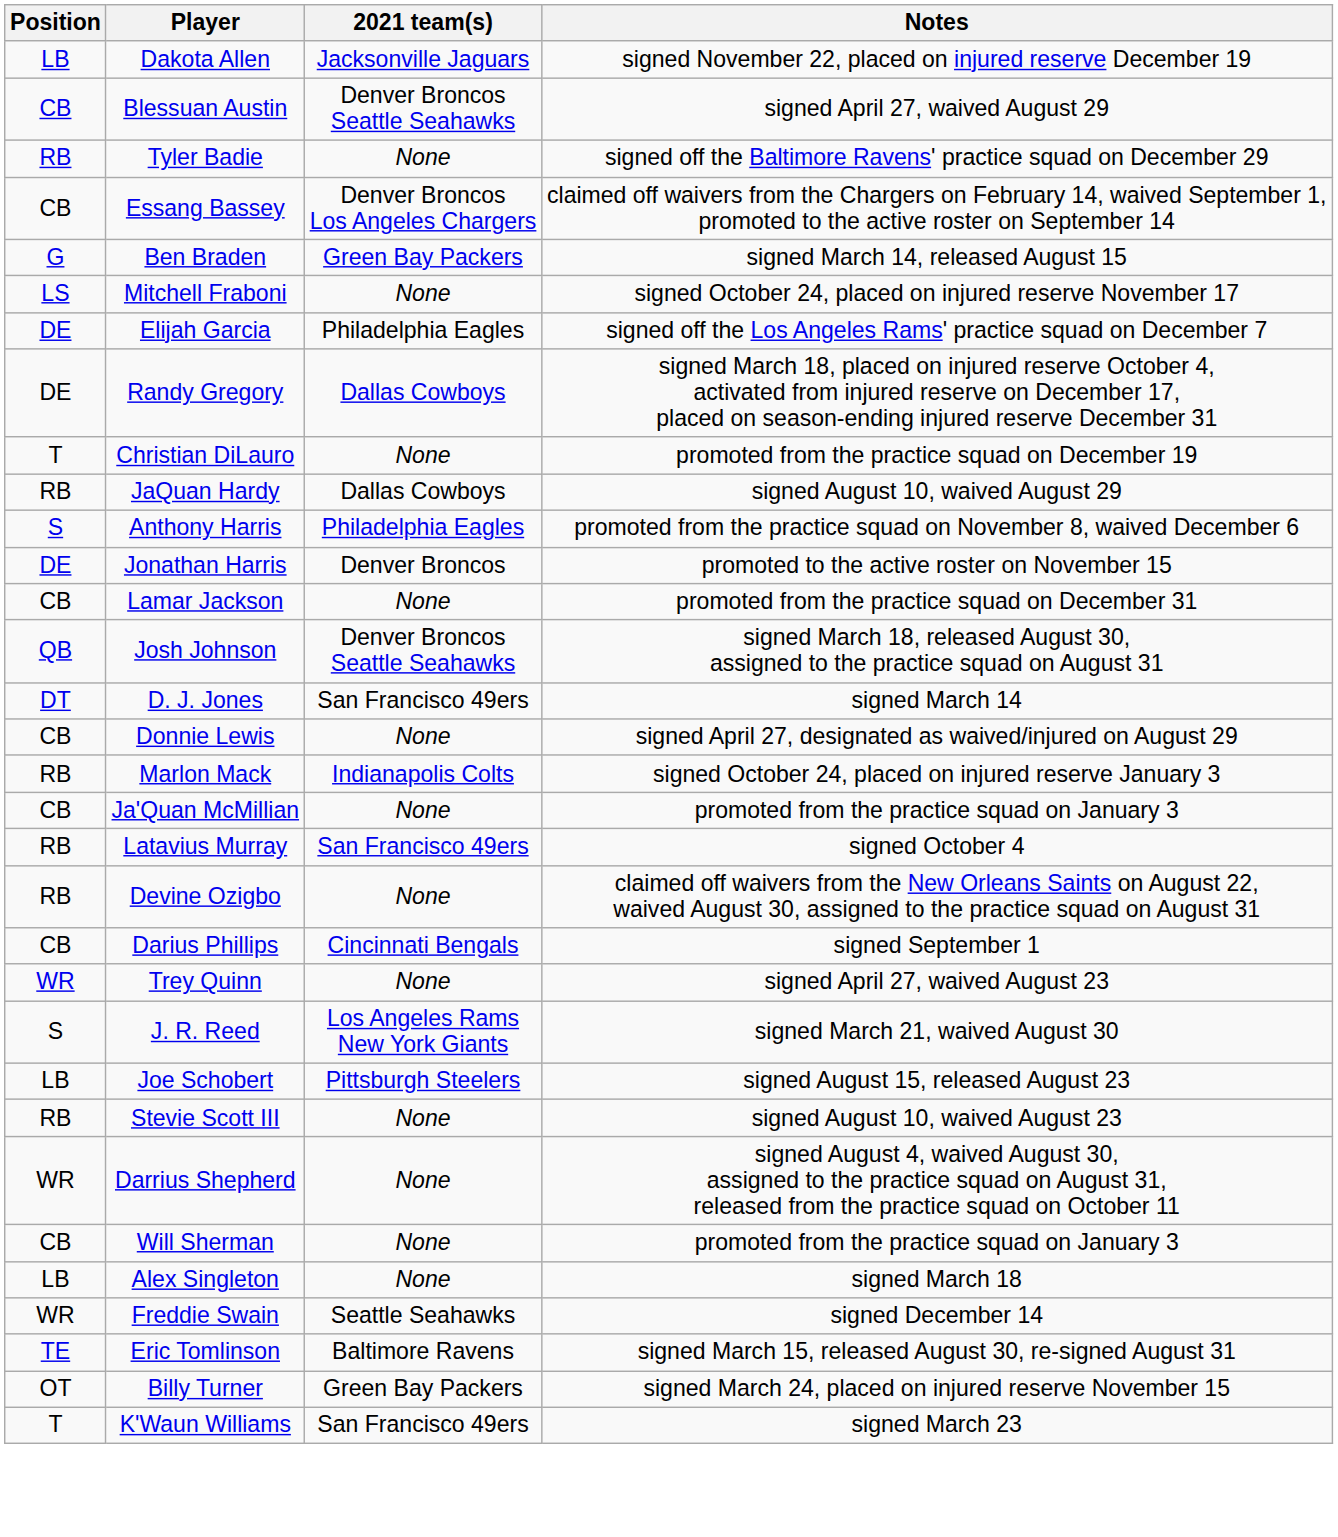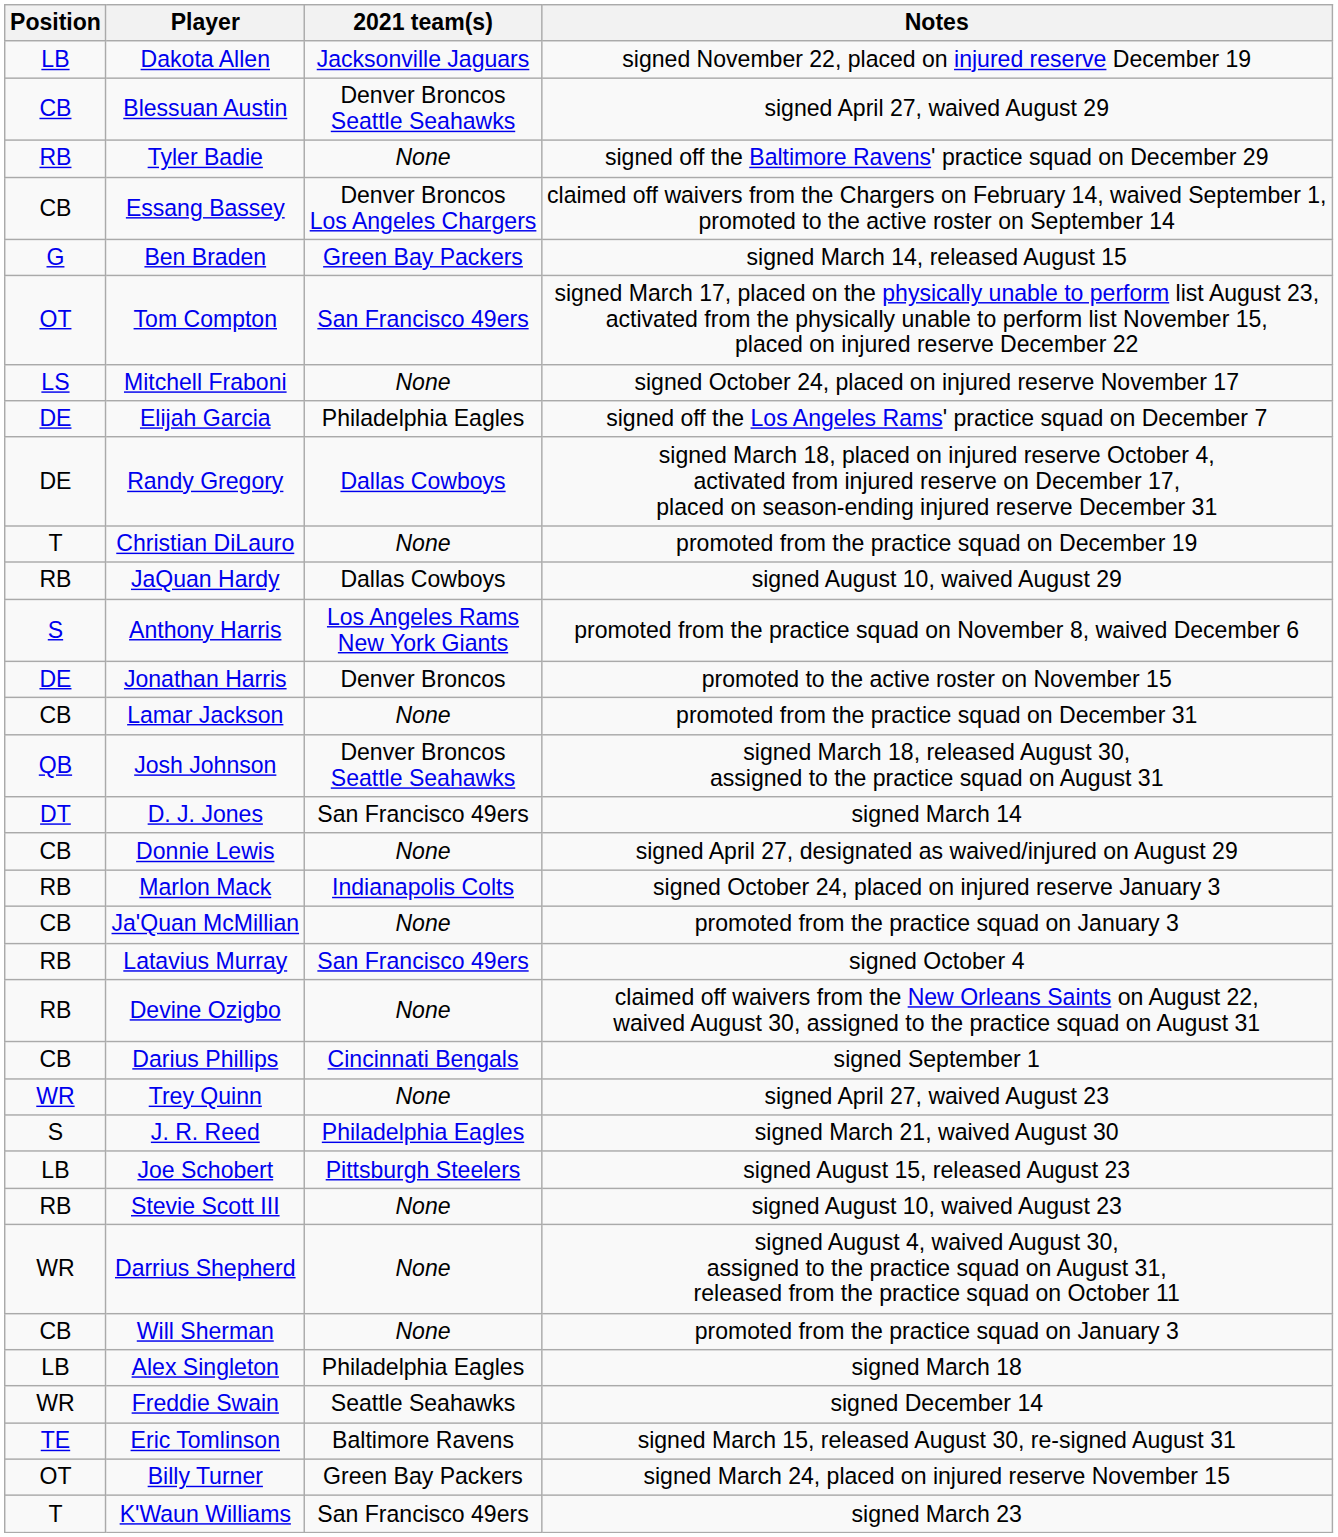 <table class="wikitable" style="text-align:center">
 <tr>
 <th>Position</th>
 <th>Player</th>
 <th>2021 team(s)</th>
 <th>Notes</th>
 </tr>
 <tr>
 <td><a href='#'>LB</a></td>
 <td><a href='#'>Dakota Allen</a></td>
 <td><a href='#'>Jacksonville Jaguars</a></td>
 <td>signed November 22, placed on <a href='#'>injured reserve</a> December 19</td>
 </tr>
 <tr>
 <td><a href='#'>CB</a></td>
 <td><a href='#'>Blessuan Austin</a></td>
 <td>Denver Broncos<br><a href='#'>Seattle Seahawks</a></td>
 <td>signed April 27, waived August 29</td>
 </tr>
 <tr>
 <td><a href='#'>RB</a></td>
 <td><a href='#'>Tyler Badie</a></td>
 <td><em>None</em></td>
 <td>signed off the <a href='#'>Baltimore Ravens</a>' practice squad on December 29</td>
 </tr>
 <tr>
 <td>CB</td>
 <td><a href='#'>Essang Bassey</a></td>
 <td>Denver Broncos<br><a href='#'>Los Angeles Chargers</a></td>
 <td>claimed off waivers from the Chargers on February 14, waived September 1,<br>promoted to the active roster on September 14</td>
 </tr>
 <tr>
 <td><a href='#'>G</a></td>
 <td><a href='#'>Ben Braden</a></td>
 <td><a href='#'>Green Bay Packers</a></td>
 <td>signed March 14, released August 15</td>
 </tr>
 <tr>
+<td><a href='#'>OT</a></td>
+<td><a href='#'>Tom Compton</a></td>
+<td><a href='#'>San Francisco 49ers</a></td>
+<td>signed March 17, placed on the <a href='#'>physically unable to perform</a> list August 23,<br>activated from the physically unable to perform list November 15,<br>placed on injured reserve December 22</td>
+</tr>
+<tr>
 <td><a href='#'>LS</a></td>
 <td><a href='#'>Mitchell Fraboni</a></td>
 <td><em>None</em></td>
 <td>signed October 24, placed on injured reserve November 17</td>
 </tr>
 <tr>
 <td><a href='#'>DE</a></td>
 <td><a href='#'>Elijah Garcia</a></td>
 <td>Philadelphia Eagles</td>
 <td>signed off the <a href='#'>Los Angeles Rams</a>' practice squad on December 7</td>
 </tr>
 <tr>
 <td>DE</td>
 <td><a href='#'>Randy Gregory</a></td>
 <td><a href='#'>Dallas Cowboys</a></td>
 <td>signed March 18, placed on injured reserve October 4,<br>activated from injured reserve on December 17,<br>placed on season-ending injured reserve December 31</td>
 </tr>
 <tr>
 <td>T</td>
 <td><a href='#'>Christian DiLauro</a></td>
 <td><em>None</em></td>
 <td>promoted from the practice squad on December 19</td>
 </tr>
 <tr>
 <td>RB</td>
 <td><a href='#'>JaQuan Hardy</a></td>
 <td>Dallas Cowboys</td>
 <td>signed August 10, waived August 29</td>
 </tr>
 <tr>
 <td><a href='#'>S</a></td>
 <td><a href='#'>Anthony Harris</a></td>
-<td><a href='#'>Philadelphia Eagles</a></td>
+<td><a href='#'>Los Angeles Rams</a><br><a href='#'>New York Giants</a></td>
 <td>promoted from the practice squad on November 8, waived December 6</td>
 </tr>
 <tr>
 <td><a href='#'>DE</a></td>
 <td><a href='#'>Jonathan Harris</a></td>
 <td>Denver Broncos</td>
 <td>promoted to the active roster on November 15</td>
 </tr>
 <tr>
 <td>CB</td>
 <td><a href='#'>Lamar Jackson</a></td>
 <td><em>None</em></td>
 <td>promoted from the practice squad on December 31</td>
 </tr>
 <tr>
 <td><a href='#'>QB</a></td>
 <td><a href='#'>Josh Johnson</a></td>
 <td>Denver Broncos<br><a href='#'>Seattle Seahawks</a></td>
 <td>signed March 18, released August 30,<br>assigned to the practice squad on August 31</td>
 </tr>
 <tr>
 <td><a href='#'>DT</a></td>
 <td><a href='#'>D. J. Jones</a></td>
 <td>San Francisco 49ers</td>
 <td>signed March 14</td>
 </tr>
 <tr>
 <td>CB</td>
 <td><a href='#'>Donnie Lewis</a></td>
 <td><em>None</em></td>
 <td>signed April 27, designated as waived/injured on August 29</td>
 </tr>
 <tr>
 <td>RB</td>
 <td><a href='#'>Marlon Mack</a></td>
 <td><a href='#'>Indianapolis Colts</a></td>
 <td>signed October 24, placed on injured reserve January 3</td>
 </tr>
 <tr>
 <td>CB</td>
 <td><a href='#'>Ja'Quan McMillian</a></td>
 <td><em>None</em></td>
 <td>promoted from the practice squad on January 3</td>
 </tr>
 <tr>
 <td>RB</td>
 <td><a href='#'>Latavius Murray</a></td>
 <td><a href='#'>San Francisco 49ers</a></td>
 <td>signed October 4</td>
 </tr>
 <tr>
 <td>RB</td>
 <td><a href='#'>Devine Ozigbo</a></td>
 <td><em>None</em></td>
 <td>claimed off waivers from the <a href='#'>New Orleans Saints</a> on August 22,<br> waived August 30, assigned to the practice squad on August 31</td>
 </tr>
 <tr>
 <td>CB</td>
 <td><a href='#'>Darius Phillips</a></td>
 <td><a href='#'>Cincinnati Bengals</a></td>
 <td>signed September 1</td>
 </tr>
 <tr>
 <td><a href='#'>WR</a></td>
 <td><a href='#'>Trey Quinn</a></td>
 <td><em>None</em></td>
 <td>signed April 27, waived August 23</td>
 </tr>
 <tr>
 <td>S</td>
 <td><a href='#'>J. R. Reed</a></td>
-<td><a href='#'>Los Angeles Rams</a><br><a href='#'>New York Giants</a></td>
+<td><a href='#'>Philadelphia Eagles</a></td>
 <td>signed March 21, waived August 30</td>
 </tr>
 <tr>
 <td>LB</td>
 <td><a href='#'>Joe Schobert</a></td>
 <td><a href='#'>Pittsburgh Steelers</a></td>
 <td>signed August 15, released August 23</td>
 </tr>
 <tr>
 <td>RB</td>
 <td><a href='#'>Stevie Scott III</a></td>
 <td><em>None</em></td>
 <td>signed August 10, waived August 23</td>
 </tr>
 <tr>
 <td>WR</td>
 <td><a href='#'>Darrius Shepherd</a></td>
 <td><em>None</em></td>
 <td>signed August 4, waived August 30,<br>assigned to the practice squad on August 31,<br>released from the practice squad on October 11</td>
 </tr>
 <tr>
 <td>CB</td>
 <td><a href='#'>Will Sherman</a></td>
 <td><em>None</em></td>
 <td>promoted from the practice squad on January 3</td>
 </tr>
 <tr>
 <td>LB</td>
 <td><a href='#'>Alex Singleton</a></td>
-<td><em>None</em></td>
+<td>Philadelphia Eagles</td>
 <td>signed March 18</td>
 </tr>
 <tr>
 <td>WR</td>
 <td><a href='#'>Freddie Swain</a></td>
 <td>Seattle Seahawks</td>
 <td>signed December 14</td>
 </tr>
 <tr>
 <td><a href='#'>TE</a></td>
 <td><a href='#'>Eric Tomlinson</a></td>
 <td>Baltimore Ravens</td>
 <td>signed March 15, released August 30, re-signed August 31</td>
 </tr>
 <tr>
 <td>OT</td>
 <td><a href='#'>Billy Turner</a></td>
 <td>Green Bay Packers</td>
 <td>signed March 24, placed on injured reserve November 15</td>
 </tr>
 <tr>
 <td>T</td>
 <td><a href='#'>K'Waun Williams</a></td>
 <td>San Francisco 49ers</td>
 <td>signed March 23</td>
 </tr>
 </table>
